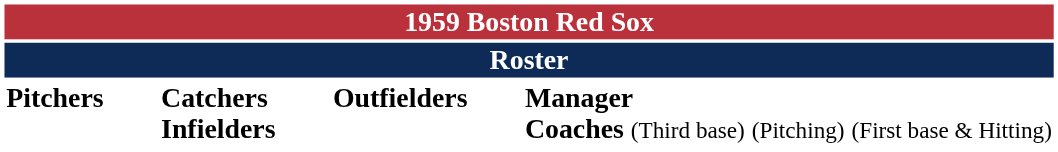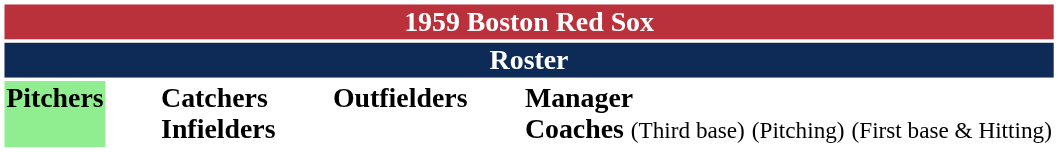 <table class="toccolours" style="text-align: left;">
 <tr>
 <th colspan="10" style="background-color: #ba313c; color: white; text-align: center;">1959 Boston Red Sox</th>
 </tr>
 <tr>
 <td colspan="10" style="background-color: #0d2b56; color: white; text-align: center;"><strong>Roster</strong></td>
 </tr>
 <tr>
-<td valign="top"><strong>Pitchers</strong><br>                 </td>
+<td valign="top" style="background: lightgreen;"><strong>Pitchers</strong><br>                 </td>
 <td width="25px"></td>
 <td valign="top"><strong>Catchers</strong><br>    <strong>Infielders</strong>           </td>
 <td width="25px"></td>
 <td valign="top"><strong>Outfielders</strong><br>       </td>
 <td width="25px"></td>
 <td valign="top"><strong>Manager</strong><br>   <strong>Coaches</strong>   <small>(Third base)</small>  <small>(Pitching)</small>  <small>(First base & Hitting)</small></td>
 </tr>
 <tr>
 </tr>
 </table>
